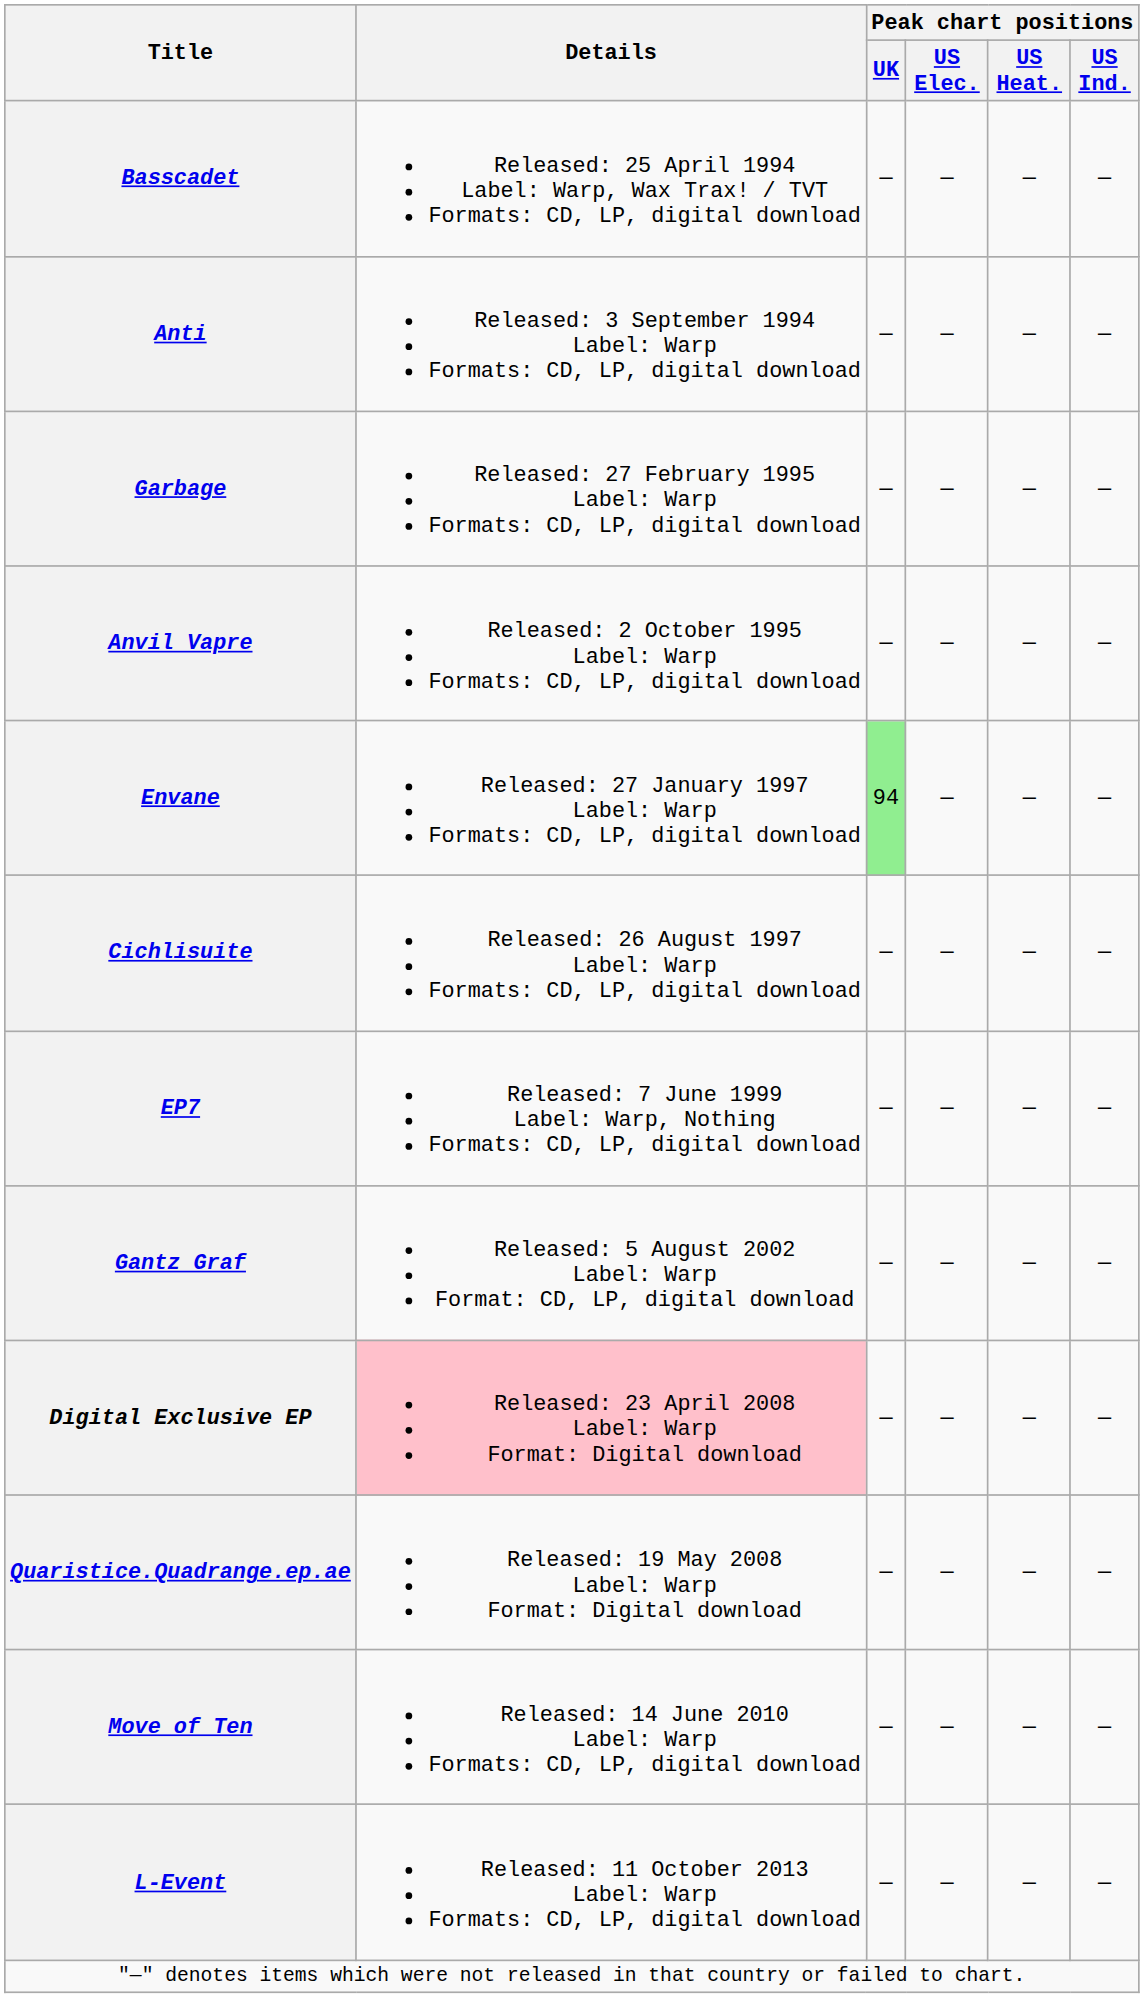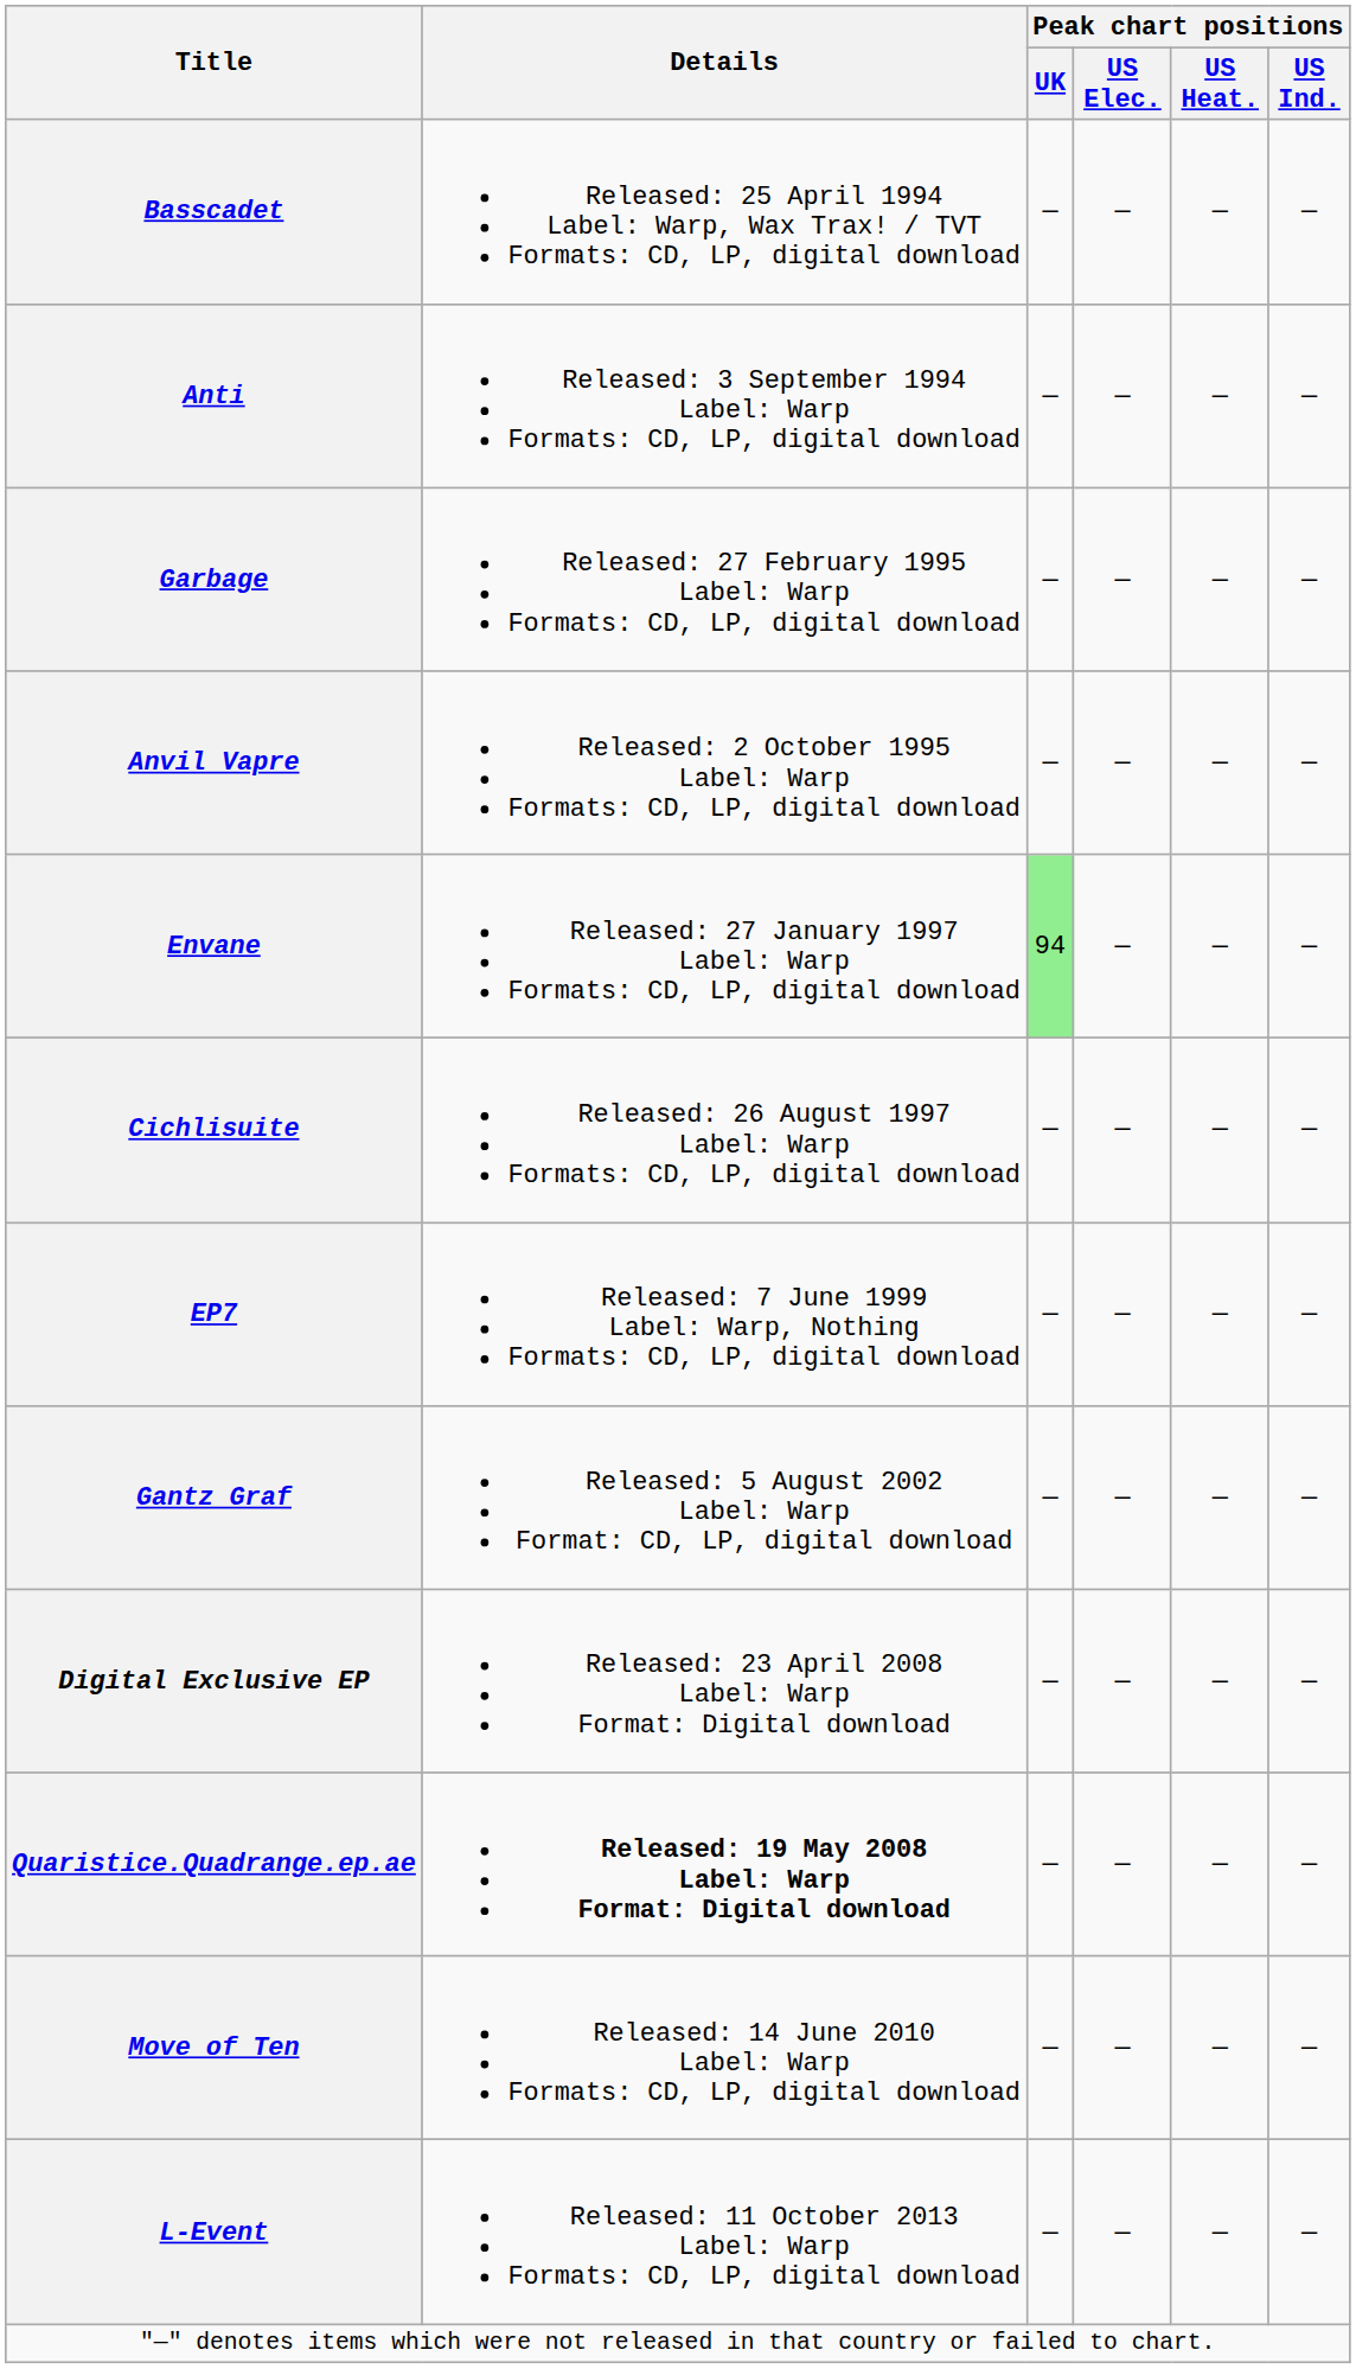 <table class="wikitable plainrowheaders" style="text-align:center;">
 <tr>
 <th rowspan="2">Title</th>
 <th rowspan="2">Details</th>
 <th colspan="4">Peak chart positions</th>
 </tr>
 <tr>
 <th><a href='#'>UK</a><br></th>
 <th><a href='#'>US<br> Elec.</a><br></th>
 <th><a href='#'>US<br> Heat.</a><br></th>
 <th><a href='#'>US<br> Ind.</a><br></th>
 </tr>
 <tr>
 <th scope="row"><em><a href='#'>Basscadet</a></em></th>
 <td><br><ul><li>Released: 25 April 1994</li><li>Label: Warp, Wax Trax! / TVT</li><li>Formats: CD, LP, digital download</li></ul></td>
 <td align="center">—</td>
 <td align="center">—</td>
 <td align="center">—</td>
 <td align="center">—</td>
 </tr>
 <tr>
 <th scope="row"><em><a href='#'>Anti</a></em></th>
 <td><br><ul><li>Released: 3 September 1994</li><li>Label: Warp</li><li>Formats: CD, LP, digital download</li></ul></td>
 <td align="center">—</td>
 <td align="center">—</td>
 <td align="center">—</td>
 <td align="center">—</td>
 </tr>
 <tr>
 <th scope="row"><em><a href='#'>Garbage</a></em></th>
 <td><br><ul><li>Released: 27 February 1995</li><li>Label: Warp</li><li>Formats: CD, LP, digital download</li></ul></td>
 <td align="center">—</td>
 <td align="center">—</td>
 <td align="center">—</td>
 <td align="center">—</td>
 </tr>
 <tr>
 <th scope="row"><em><a href='#'>Anvil Vapre</a></em></th>
 <td><br><ul><li>Released: 2 October 1995</li><li>Label: Warp</li><li>Formats: CD, LP, digital download</li></ul></td>
 <td align="center">—</td>
 <td align="center">—</td>
 <td align="center">—</td>
 <td align="center">—</td>
 </tr>
 <tr>
 <th scope="row"><em><a href='#'>Envane</a></em></th>
 <td><br><ul><li>Released: 27 January 1997</li><li>Label: Warp</li><li>Formats: CD, LP, digital download</li></ul></td>
 <td align="center" style="background: lightgreen;">94</td>
 <td align="center">—</td>
 <td align="center">—</td>
 <td align="center">—</td>
 </tr>
 <tr>
 <th scope="row"><em><a href='#'>Cichlisuite</a></em></th>
 <td><br><ul><li>Released: 26 August 1997</li><li>Label: Warp</li><li>Formats: CD, LP, digital download</li></ul></td>
 <td align="center">—</td>
 <td align="center">—</td>
 <td align="center">—</td>
 <td align="center">—</td>
 </tr>
 <tr>
 <th scope="row"><em><a href='#'>EP7</a></em></th>
 <td><br><ul><li>Released: 7 June 1999</li><li>Label: Warp, Nothing</li><li>Formats: CD, LP, digital download</li></ul></td>
 <td align="center">—</td>
 <td align="center">—</td>
 <td align="center">—</td>
 <td align="center">—</td>
 </tr>
 <tr>
 <th scope="row"><em><a href='#'>Gantz Graf</a></em></th>
 <td><br><ul><li>Released: 5 August 2002</li><li>Label: Warp</li><li>Format: CD, LP, digital download</li></ul></td>
 <td align="center">—</td>
 <td align="center">—</td>
 <td align="center">—</td>
 <td align="center">—</td>
 </tr>
 <tr>
 <th scope="row"><em>Digital Exclusive EP</em></th>
-<td style="background: pink;"><br><ul><li>Released: 23 April 2008</li><li>Label: Warp</li><li>Format: Digital download</li></ul></td>
+<td><br><ul><li>Released: 23 April 2008</li><li>Label: Warp</li><li>Format: Digital download</li></ul></td>
 <td align="center">—</td>
 <td align="center">—</td>
 <td align="center">—</td>
 <td align="center">—</td>
 </tr>
 <tr>
 <th scope="row"><em><a href='#'>Quaristice.Quadrange.ep.ae</a></em></th>
-<td><br><ul><li>Released: 19 May 2008</li><li>Label: Warp</li><li>Format: Digital download</li></ul></td>
+<td><strong><br><ul><li>Released: 19 May 2008</li><li>Label: Warp</li><li>Format: Digital download</li></ul></strong></td>
 <td align="center">—</td>
 <td align="center">—</td>
 <td align="center">—</td>
 <td align="center">—</td>
 </tr>
 <tr>
 <th scope="row"><em><a href='#'>Move of Ten</a></em></th>
 <td><br><ul><li>Released: 14 June 2010</li><li>Label: Warp</li><li>Formats: CD, LP, digital download</li></ul></td>
 <td align="center">—</td>
 <td align="center">—</td>
 <td align="center">—</td>
 <td align="center">—</td>
 </tr>
 <tr>
 <th scope="row"><em><a href='#'>L-Event</a></em></th>
 <td><br><ul><li>Released: 11 October 2013</li><li>Label: Warp</li><li>Formats: CD, LP, digital download</li></ul></td>
 <td align="center">—</td>
 <td align="center">—</td>
 <td align="center">—</td>
 <td align="center">—</td>
 </tr>
 <tr>
 <td colspan="14" style="text-align:center; font-size:90%;">"—" denotes items which were not released in that country or failed to chart.</td>
 </tr>
 </table>
